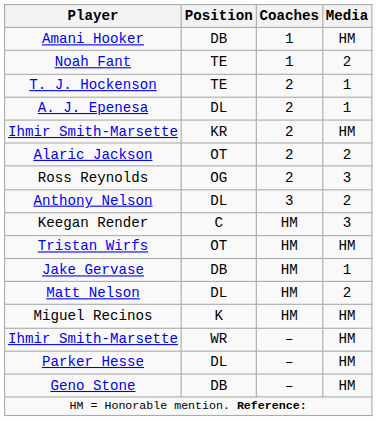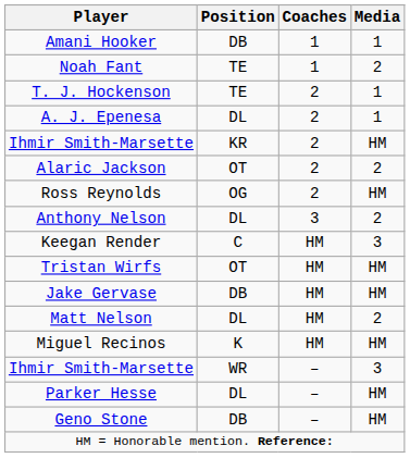 <table class="wikitable sortable sortable" style="text-align: center">
 <tr align=center>
 <th>Player</th>
 <th>Position</th>
 <th>Coaches</th>
 <th>Media</th>
 </tr>
 <tr>
 <td><a href='#'>Amani Hooker</a></td>
 <td>DB</td>
 <td>1</td>
-<td data-sort-value="4">HM</td>
+<td>1</td>
 </tr>
 <tr>
 <td><a href='#'>Noah Fant</a></td>
 <td>TE</td>
 <td>1</td>
 <td>2</td>
 </tr>
 <tr>
 <td><a href='#'>T. J. Hockenson</a></td>
 <td>TE</td>
 <td>2</td>
 <td>1</td>
 </tr>
 <tr>
 <td><a href='#'>A. J. Epenesa</a></td>
 <td>DL</td>
 <td>2</td>
 <td>1</td>
 </tr>
 <tr>
 <td><a href='#'>Ihmir Smith-Marsette</a></td>
 <td>KR</td>
 <td>2</td>
 <td data-sort-value="4">HM</td>
 </tr>
 <tr>
 <td><a href='#'>Alaric Jackson</a></td>
 <td>OT</td>
 <td>2</td>
 <td>2</td>
 </tr>
 <tr>
 <td>Ross Reynolds</td>
 <td>OG</td>
 <td>2</td>
-<td>3</td>
+<td data-sort-value="4">HM</td>
 </tr>
 <tr>
 <td><a href='#'>Anthony Nelson</a></td>
 <td>DL</td>
 <td>3</td>
 <td>2</td>
 </tr>
 <tr>
 <td>Keegan Render</td>
 <td>C</td>
 <td data-sort-value="4">HM</td>
 <td>3</td>
 </tr>
 <tr>
 <td><a href='#'>Tristan Wirfs</a></td>
 <td>OT</td>
 <td data-sort-value="4">HM</td>
 <td data-sort-value="4">HM</td>
 </tr>
 <tr>
 <td><a href='#'>Jake Gervase</a></td>
 <td>DB</td>
 <td data-sort-value="4">HM</td>
-<td>1</td>
+<td data-sort-value="4">HM</td>
 </tr>
 <tr>
 <td><a href='#'>Matt Nelson</a></td>
 <td>DL</td>
 <td data-sort-value="4">HM</td>
 <td>2</td>
 </tr>
 <tr>
 <td>Miguel Recinos</td>
 <td>K</td>
 <td data-sort-value="4">HM</td>
 <td data-sort-value="4">HM</td>
 </tr>
 <tr>
 <td><a href='#'>Ihmir Smith-Marsette</a></td>
 <td>WR</td>
 <td data-sort-value="5">–</td>
-<td data-sort-value="4">HM</td>
+<td>3</td>
 </tr>
 <tr>
 <td><a href='#'>Parker Hesse</a></td>
 <td>DL</td>
 <td data-sort-value="5">–</td>
 <td data-sort-value="4">HM</td>
 </tr>
 <tr>
 <td><a href='#'>Geno Stone</a></td>
 <td>DB</td>
 <td data-sort-value="5">–</td>
 <td data-sort-value="4">HM</td>
 </tr>
 <tr class="sortbottom">
 <td colspan="4"  style="font-size:8pt; text-align:center;">HM = Honorable mention. <strong>Reference:</strong></td>
 </tr>
 </table>
